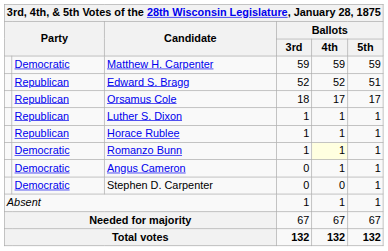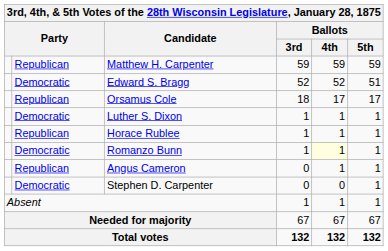 <table class="wikitable sortable">
 <tr>
 <th colspan="7" align="center">3rd, 4th, & 5th Votes of the <a href='#'>28th Wisconsin Legislature</a>, January 28, 1875</th>
 </tr>
 <tr>
 <th colspan="2" rowspan="2" class="unsortable">Party</th>
 <th rowspan="2" class="unsortable">Candidate</th>
 <th colspan="3">Ballots</th>
 </tr>
 <tr>
 <th>3rd</th>
 <th>4th</th>
 <th>5th</th>
 </tr>
 <tr>
 <td style="background-color:"></td>
-<td><a href='#'>Democratic</a></td>
+<td><a href='#'>Republican</a></td>
 <td><a href='#'>Matthew H. Carpenter</a></td>
 <td align="right">59</td>
 <td align="right">59</td>
 <td align="right">59</td>
 </tr>
 <tr>
 <td style="background-color:"></td>
-<td><a href='#'>Republican</a></td>
+<td><a href='#'>Democratic</a></td>
 <td><a href='#'>Edward S. Bragg</a></td>
 <td align="right">52</td>
 <td align="right">52</td>
 <td align="right">51</td>
 </tr>
 <tr>
 <td style="background-color:"></td>
 <td><a href='#'>Republican</a></td>
 <td><a href='#'>Orsamus Cole</a></td>
 <td align="right">18</td>
 <td align="right">17</td>
 <td align="right">17</td>
 </tr>
 <tr>
 <td style="background-color:"></td>
-<td><a href='#'>Republican</a></td>
+<td><a href='#'>Democratic</a></td>
 <td><a href='#'>Luther S. Dixon</a></td>
 <td align="right">1</td>
 <td align="right">1</td>
 <td align="right">1</td>
 </tr>
 <tr>
 <td style="background-color:"></td>
 <td><a href='#'>Republican</a></td>
 <td><a href='#'>Horace Rublee</a></td>
 <td align="right">1</td>
 <td align="right">1</td>
 <td align="right">1</td>
 </tr>
 <tr>
 <td style="background-color:"></td>
 <td><a href='#'>Democratic</a></td>
 <td><a href='#'>Romanzo Bunn</a></td>
 <td align="right">1</td>
 <td align="right" style="background: lightyellow;">1</td>
 <td align="right">1</td>
 </tr>
 <tr>
 <td style="background-color:"></td>
-<td><a href='#'>Democratic</a></td>
+<td><a href='#'>Republican</a></td>
 <td><a href='#'>Angus Cameron</a></td>
 <td align="right">0</td>
 <td align="right">1</td>
 <td align="right">1</td>
 </tr>
 <tr>
 <td style="background-color:"></td>
 <td><a href='#'>Democratic</a></td>
 <td>Stephen D. Carpenter</td>
 <td align="right">0</td>
 <td align="right">0</td>
 <td align="right">1</td>
 </tr>
 <tr>
 <td colspan="3"><em>Absent</em></td>
 <td align="right">1</td>
 <td align="right">1</td>
 <td align="right">1</td>
 </tr>
 <tr>
 <th colspan="3">Needed for majority</th>
 <td align="right">67</td>
 <td align="right">67</td>
 <td align="right">67</td>
 </tr>
 <tr>
 <th colspan="3">Total votes</th>
 <td align="right"><strong>132</strong></td>
 <td align="right"><strong>132</strong></td>
 <td align="right"><strong>132</strong></td>
 </tr>
 </table>
